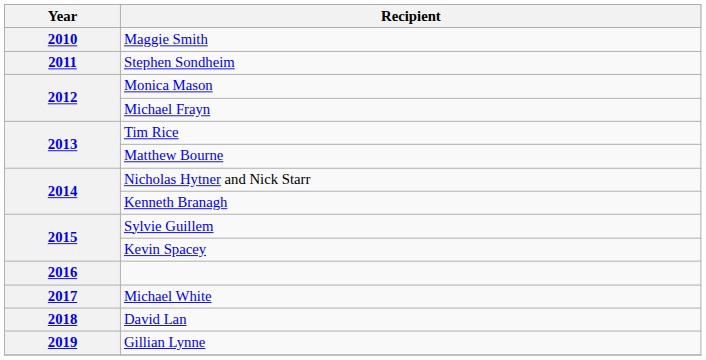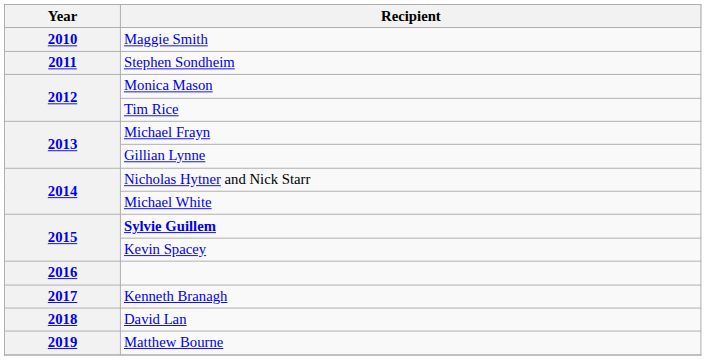 <table class="wikitable" style="width:60%;">
 <tr style="background:#bebebe;">
 <th style="width:15%;">Year</th>
 <th style="width:75%;">Recipient</th>
 </tr>
 <tr>
 <th><a href='#'>2010</a></th>
 <td><a href='#'>Maggie Smith</a></td>
 </tr>
 <tr>
 <th><a href='#'>2011</a></th>
 <td><a href='#'>Stephen Sondheim</a></td>
 </tr>
 <tr>
 <th rowspan="2"><a href='#'>2012</a></th>
 <td><a href='#'>Monica Mason</a></td>
 </tr>
 <tr>
+<td><a href='#'>Tim Rice</a></td>
+</tr>
+<tr>
+<th rowspan="2"><a href='#'>2013</a></th>
 <td><a href='#'>Michael Frayn</a></td>
 </tr>
 <tr>
-<th rowspan="2"><a href='#'>2013</a></th>
-<td><a href='#'>Tim Rice</a></td>
-</tr>
-<tr>
-<td><a href='#'>Matthew Bourne</a></td>
+<td><a href='#'>Gillian Lynne</a></td>
 </tr>
 <tr>
 <th rowspan="2"><a href='#'>2014</a></th>
 <td><a href='#'>Nicholas Hytner</a> and Nick Starr</td>
 </tr>
 <tr>
-<td><a href='#'>Kenneth Branagh</a></td>
+<td><a href='#'>Michael White</a></td>
 </tr>
 <tr>
 <th rowspan="2"><a href='#'>2015</a></th>
-<td><a href='#'>Sylvie Guillem</a></td>
+<td><strong><a href='#'>Sylvie Guillem</a></strong></td>
 </tr>
 <tr>
 <td><a href='#'>Kevin Spacey</a></td>
 </tr>
 <tr>
 <th><a href='#'>2016</a></th>
 <td><em></em></td>
 </tr>
 <tr>
 <th><a href='#'>2017</a></th>
-<td><a href='#'>Michael White</a></td>
+<td><a href='#'>Kenneth Branagh</a></td>
 </tr>
 <tr>
 <th><a href='#'>2018</a></th>
 <td><a href='#'>David Lan</a></td>
 </tr>
 <tr>
 <th><a href='#'>2019</a></th>
-<td><a href='#'>Gillian Lynne</a></td>
+<td><a href='#'>Matthew Bourne</a></td>
 </tr>
 <tr>
 </tr>
 </table>
